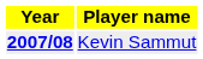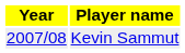 <table class="toccolours">
 <tr>
 <th bgcolor="#ffff00">Year</th>
 <th bgcolor="#ffff00">Player name</th>
 </tr>
 <tr bgcolor=#eeeeee>
-<td><strong><a href='#'>2007/08</a></strong></td>
+<td><a href='#'>2007/08</a></td>
 <td> <a href='#'>Kevin Sammut</a></td>
 </tr>
 </table>
